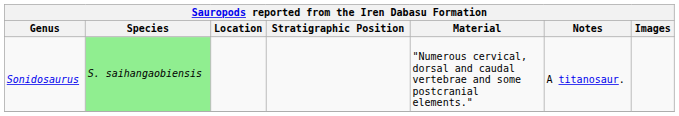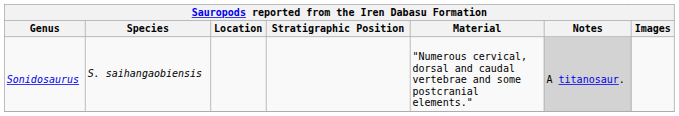 <table class="wikitable" align="center">
 <tr>
 <th colspan="7" align="center"><strong><a href='#'>Sauropods</a> reported from the Iren Dabasu Formation</strong></th>
 </tr>
 <tr>
 <th>Genus</th>
 <th>Species</th>
 <th>Location</th>
 <th>Stratigraphic Position</th>
 <th width="20%">Material</th>
 <th>Notes</th>
 <th>Images</th>
 </tr>
 <tr>
 <td><br><em><a href='#'>Sonidosaurus</a></em></td>
-<td style="background: lightgreen;"><em>S. saihangaobiensis</em></td>
+<td><em>S. saihangaobiensis</em></td>
 <td></td>
 <td></td>
 <td><br>"Numerous cervical, dorsal and caudal vertebrae and some postcranial elements."</td>
-<td><br>A <a href='#'>titanosaur</a>.</td>
+<td style="background: lightgrey;"><br>A <a href='#'>titanosaur</a>.</td>
 <td></td>
 </tr>
 <tr>
 </tr>
 </table>
